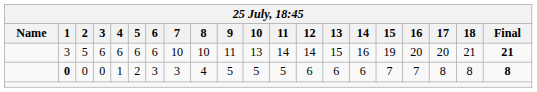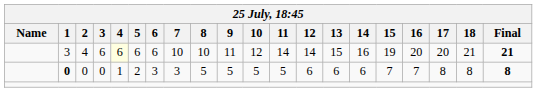 <table class=wikitable style="text-align:center; width: 55%">
 <tr>
 <th colspan=21><em>25 July, 18:45</em></th>
 </tr>
 <tr>
 <th>Name</th>
 <th>1</th>
 <th>2</th>
 <th>3</th>
 <th>4</th>
 <th>5</th>
 <th>6</th>
 <th>7</th>
 <th>8</th>
 <th>9</th>
 <th>10</th>
 <th>11</th>
 <th>12</th>
 <th>13</th>
 <th>14</th>
 <th>15</th>
 <th>16</th>
 <th>17</th>
 <th>18</th>
 <th>Final</th>
 </tr>
 <tr>
 <td align=left><strong></strong></td>
 <td>3</td>
-<td>5</td>
+<td>4</td>
 <td>6</td>
-<td>6</td>
+<td style="background: lightyellow;">6</td>
 <td>6</td>
 <td>6</td>
 <td>10</td>
 <td>10</td>
 <td>11</td>
-<td>13</td>
+<td>12</td>
 <td>14</td>
 <td>14</td>
 <td>15</td>
 <td>16</td>
 <td>19</td>
 <td>20</td>
 <td>20</td>
 <td>21</td>
 <td><strong>21</strong></td>
 </tr>
 <tr>
 <td align=left></td>
 <td><strong>0</strong></td>
 <td>0</td>
 <td>0</td>
 <td>1</td>
 <td>2</td>
 <td>3</td>
 <td>3</td>
-<td>4</td>
+<td>5</td>
 <td>5</td>
 <td>5</td>
 <td>5</td>
 <td>6</td>
 <td>6</td>
 <td>6</td>
 <td>7</td>
 <td>7</td>
 <td>8</td>
 <td>8</td>
 <td><strong>8</strong></td>
 </tr>
 <tr>
 <td colspan=21></td>
 </tr>
 </table>
